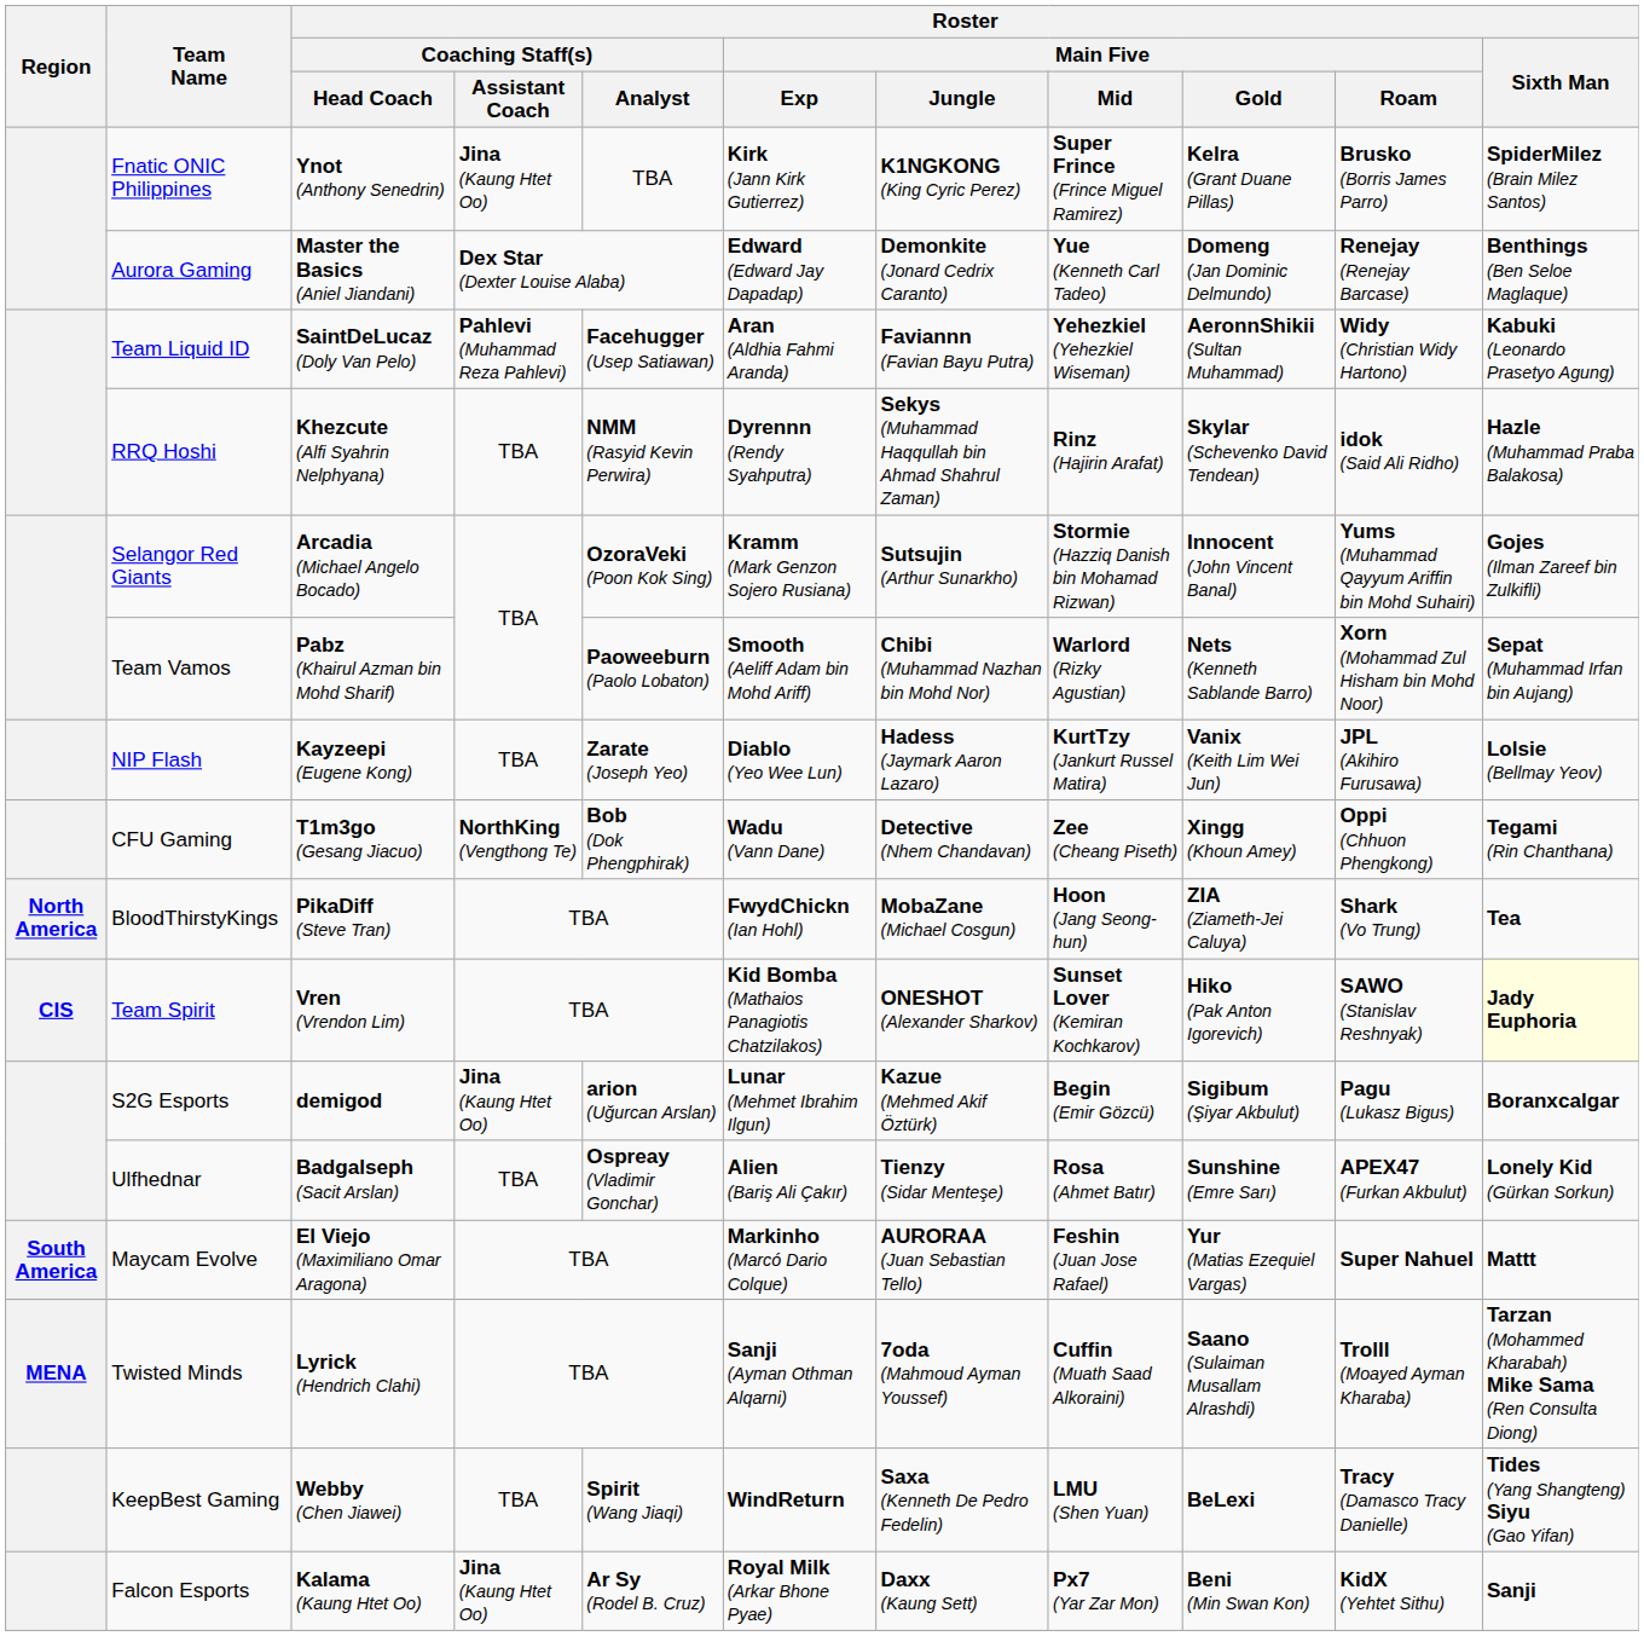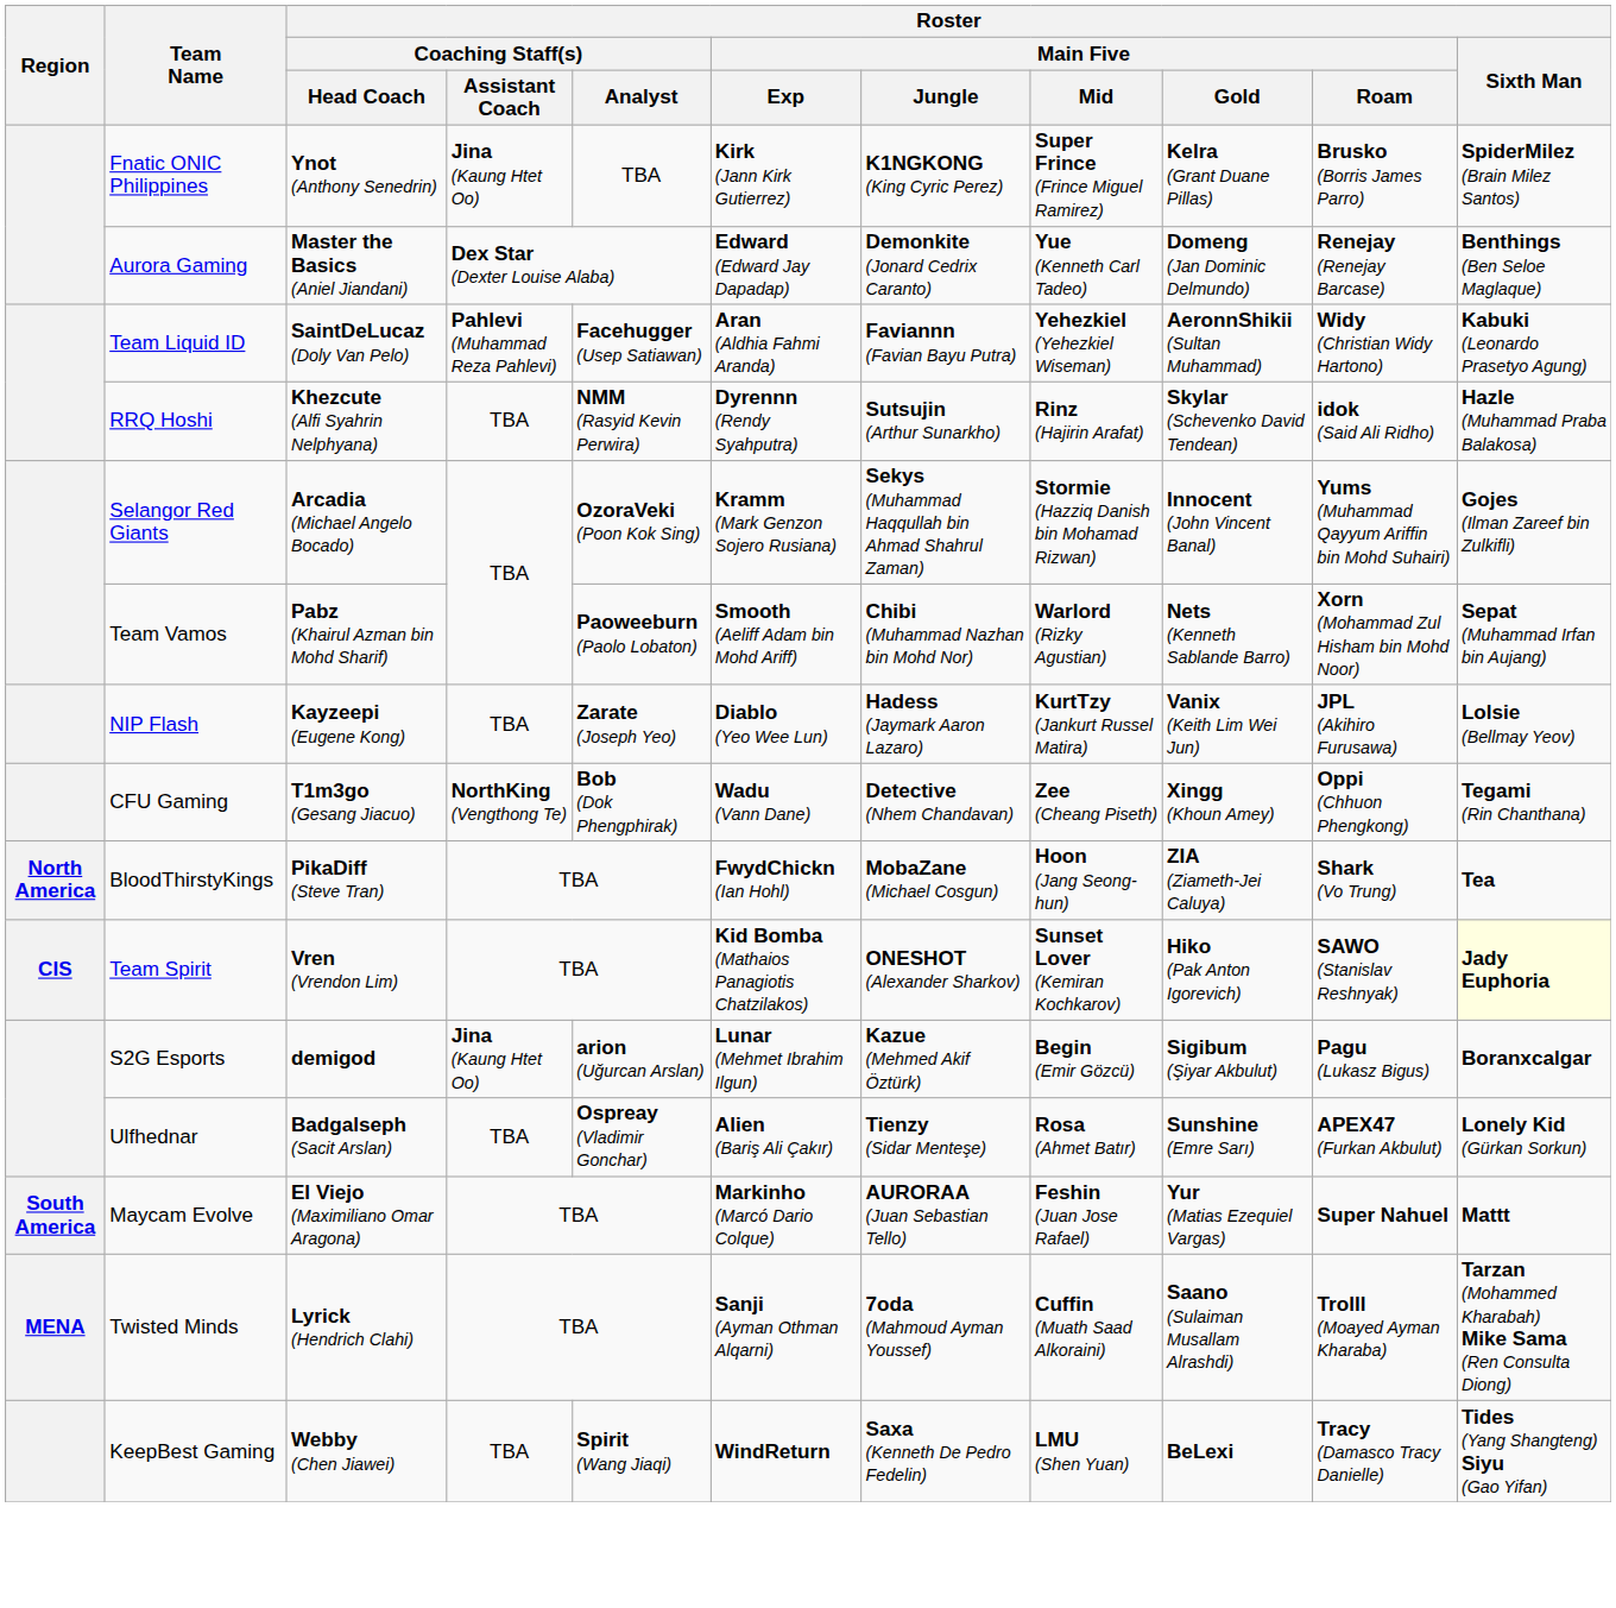 <table class="wikitable" style="margin-left: auto; margin-right: auto; font:90%;">
 <tr>
 <th rowspan="3">Region</th>
 <th rowspan="3">Team<br>Name</th>
 <th colspan="9">Roster</th>
 </tr>
 <tr>
 <th colspan="3">Coaching Staff(s)</th>
 <th colspan="5">Main Five</th>
 <th rowspan="2">Sixth Man</th>
 </tr>
 <tr>
 <th>Head Coach</th>
 <th>Assistant Coach</th>
 <th>Analyst</th>
 <th>Exp</th>
 <th>Jungle</th>
 <th>Mid</th>
 <th>Gold</th>
 <th>Roam</th>
 </tr>
 <tr>
 <th rowspan="2"></th>
 <td><a href='#'>Fnatic ONIC Philippines</a></td>
 <td> <strong>Ynot</strong><br><small><em>(Anthony Senedrin)</em></small></td>
 <td> <strong>Jina</strong><br><small><em>(Kaung Htet Oo)</em></small></td>
 <td style="text-align:center;">TBA</td>
 <td> <strong>Kirk</strong><br><small><em>(Jann Kirk Gutierrez)</em></small></td>
 <td> <strong>K1NGKONG</strong><br><small><em>(King Cyric Perez)</em></small></td>
 <td> <strong>Super Frince</strong><br><small><em>(Frince Miguel Ramirez)</em></small></td>
 <td> <strong>Kelra</strong><br><small><em>(Grant Duane Pillas)</em></small></td>
 <td> <strong>Brusko</strong><br><small><em>(Borris James Parro)</em></small></td>
 <td> <strong>SpiderMilez</strong><br><small><em>(Brain Milez Santos)</em></small></td>
 </tr>
 <tr>
 <td><a href='#'>Aurora Gaming</a></td>
 <td> <strong>Master the Basics</strong><br><small><em>(Aniel Jiandani)</em></small></td>
 <td colspan="2"> <strong>Dex Star</strong><br><small><em>(Dexter Louise Alaba)</em></small></td>
 <td> <strong>Edward</strong><br><small><em>(Edward Jay Dapadap)</em></small></td>
 <td> <strong>Demonkite</strong><br><small><em>(Jonard Cedrix Caranto)</em></small></td>
 <td> <strong>Yue</strong><br><small><em>(Kenneth Carl Tadeo)</em></small></td>
 <td> <strong>Domeng</strong><br><small><em>(Jan Dominic Delmundo)</em></small></td>
 <td> <strong>Renejay</strong><br><small><em>(Renejay Barcase)</em></small></td>
 <td> <strong>Benthings</strong><br><small><em>(Ben Seloe Maglaque)</em></small></td>
 </tr>
 <tr>
 <th rowspan="2"></th>
 <td><a href='#'>Team Liquid ID</a></td>
 <td> <strong>SaintDeLucaz</strong><br><small><em>(Doly Van Pelo)</em></small></td>
 <td> <strong>Pahlevi</strong><br><small><em>(Muhammad Reza Pahlevi)</em></small></td>
 <td> <strong>Facehugger</strong><br><small><em>(Usep Satiawan)</em></small></td>
 <td> <strong>Aran</strong><br><small><em>(Aldhia Fahmi Aranda)</em></small></td>
 <td> <strong>Faviannn</strong><br><small><em>(Favian Bayu Putra)</em></small></td>
 <td> <strong>Yehezkiel</strong><br><small><em>(Yehezkiel Wiseman)</em></small></td>
 <td> <strong>AeronnShikii</strong><br><small><em>(Sultan Muhammad)</em></small></td>
 <td> <strong>Widy</strong><br><small><em>(Christian Widy Hartono)</em></small></td>
 <td> <strong>Kabuki</strong><br><small><em>(Leonardo Prasetyo Agung)</em></small></td>
 </tr>
 <tr>
 <td><a href='#'>RRQ Hoshi</a></td>
 <td> <strong>Khezcute</strong><br><small><em>(Alfi Syahrin Nelphyana)</em></small></td>
 <td style="text-align:center;">TBA</td>
 <td> <strong>NMM</strong><br><small><em>(Rasyid Kevin Perwira)</em></small></td>
 <td> <strong>Dyrennn</strong><br><small><em>(Rendy Syahputra)</em></small></td>
-<td> <strong>Sekys</strong><br><small><em>(Muhammad Haqqullah bin Ahmad Shahrul Zaman)</em></small></td>
+<td> <strong>Sutsujin</strong><br><small><em>(Arthur Sunarkho)</em></small></td>
 <td> <strong>Rinz</strong><br><small><em>(Hajirin Arafat)</em></small></td>
 <td> <strong>Skylar</strong><br><small><em>(Schevenko David Tendean)</em></small></td>
 <td> <strong>idok</strong><br><small><em>(Said Ali Ridho)</em></small></td>
 <td> <strong>Hazle</strong><br><small><em>(Muhammad Praba Balakosa)</em></small></td>
 </tr>
 <tr>
 <th rowspan="2"></th>
 <td><a href='#'>Selangor Red Giants</a></td>
 <td> <strong>Arcadia</strong><br><small><em>(Michael Angelo Bocado)</em></small></td>
 <td rowspan="2" style="text-align:center;">TBA</td>
 <td> <strong>OzoraVeki</strong><br><small><em>(Poon Kok Sing)</em></small></td>
 <td> <strong>Kramm</strong><br><small><em>(Mark Genzon Sojero Rusiana)</em></small></td>
-<td> <strong>Sutsujin</strong><br><small><em>(Arthur Sunarkho)</em></small></td>
+<td> <strong>Sekys</strong><br><small><em>(Muhammad Haqqullah bin Ahmad Shahrul Zaman)</em></small></td>
 <td> <strong>Stormie</strong><br><small><em>(Hazziq Danish bin Mohamad Rizwan)</em></small></td>
 <td> <strong>Innocent</strong><br><small><em>(John Vincent Banal)</em></small></td>
 <td> <strong>Yums</strong><br><small><em>(Muhammad Qayyum Ariffin bin Mohd Suhairi)</em></small></td>
 <td> <strong>Gojes</strong><br><small><em>(Ilman Zareef bin Zulkifli)</em></small></td>
 </tr>
 <tr>
 <td>Team Vamos</td>
 <td> <strong>Pabz</strong><br><small><em>(Khairul Azman bin Mohd Sharif)</em></small></td>
 <td> <strong>Paoweeburn</strong><br><small><em>(Paolo Lobaton)</em></small></td>
 <td> <strong>Smooth</strong><br><small><em>(Aeliff Adam bin Mohd Ariff)</em></small></td>
 <td> <strong>Chibi</strong><br><small><em>(Muhammad Nazhan bin Mohd Nor)</em></small></td>
 <td> <strong>Warlord</strong><br><small><em>(Rizky Agustian)</em></small></td>
 <td> <strong>Nets</strong><br><small><em>(Kenneth Sablande Barro)</em></small></td>
 <td> <strong>Xorn</strong><br><small><em>(Mohammad Zul Hisham bin Mohd Noor)</em></small></td>
 <td> <strong>Sepat</strong><br><small><em>(Muhammad Irfan bin Aujang)</em></small></td>
 </tr>
 <tr>
 <th></th>
 <td><a href='#'>NIP Flash</a></td>
 <td> <strong>Kayzeepi</strong><br><small><em>(Eugene Kong)</em></small></td>
 <td style="text-align:center;">TBA</td>
 <td> <strong>Zarate</strong><br><small><em>(Joseph Yeo)</em></small></td>
 <td> <strong>Diablo</strong><br><small><em>(Yeo Wee Lun)</em></small></td>
 <td> <strong>Hadess</strong><br><small><em>(Jaymark Aaron Lazaro)</em></small></td>
 <td> <strong>KurtTzy</strong><br><small><em>(Jankurt Russel Matira)</em></small></td>
 <td> <strong>Vanix</strong><br><small><em>(Keith Lim Wei Jun)</em></small></td>
 <td> <strong>JPL</strong><br><small><em>(Akihiro Furusawa)</em></small></td>
 <td> <strong>Lolsie</strong><br><small><em>(Bellmay Yeov)</em></small></td>
 </tr>
 <tr>
 <th></th>
 <td>CFU Gaming</td>
 <td> <strong>T1m3go</strong><br><small><em>(Gesang Jiacuo)</em></small></td>
 <td> <strong>NorthKing</strong><br><small><em>(Vengthong Te)</em></small></td>
 <td> <strong>Bob</strong><br><small><em>(Dok Phengphirak)</em></small></td>
 <td> <strong>Wadu</strong><br><small><em>(Vann Dane)</em></small></td>
 <td> <strong>Detective</strong><br><small><em>(Nhem Chandavan)</em></small></td>
 <td> <strong>Zee</strong><br><small><em>(Cheang Piseth)</em></small></td>
 <td> <strong>Xingg</strong><br><small><em>(Khoun Amey)</em></small></td>
 <td> <strong>Oppi</strong><br><small><em>(Chhuon Phengkong)</em></small></td>
 <td> <strong>Tegami</strong><br><small><em>(Rin Chanthana)</em></small></td>
 </tr>
 <tr>
 <th><a href='#'>North America</a></th>
 <td> BloodThirstyKings</td>
 <td> <strong>PikaDiff</strong><br><small><em>(Steve Tran)</em></small></td>
 <td colspan="2" style="text-align:center;">TBA</td>
 <td> <strong>FwydChickn</strong><br><small><em>(Ian Hohl)</em></small></td>
 <td> <strong>MobaZane</strong><br><small><em>(Michael Cosgun)</em></small></td>
 <td> <strong>Hoon</strong><br><small><em>(Jang Seong-hun)</em></small></td>
 <td> <strong>ZIA</strong><br><small><em>(Ziameth-Jei Caluya)</em></small></td>
 <td> <strong>Shark</strong><br><small><em>(Vo Trung)</em></small></td>
 <td> <strong>Tea</strong></td>
 </tr>
 <tr>
 <th> <a href='#'>CIS</a></th>
 <td><a href='#'>Team Spirit</a></td>
 <td> <strong>Vren</strong><br><small><em>(Vrendon Lim)</em></small></td>
 <td colspan="2" style="text-align:center;">TBA</td>
 <td> <strong>Kid Bomba</strong><br><small><em>(Mathaios Panagiotis Chatzilakos)</em></small></td>
 <td> <strong>ONESHOT</strong><br><small><em>(Alexander Sharkov)</em></small></td>
 <td> <strong>Sunset Lover</strong><br><small><em>(Kemiran Kochkarov)</em></small></td>
 <td> <strong>Hiko</strong><br><small><em>(Pak Anton Igorevich)</em></small></td>
 <td> <strong>SAWO</strong><br><small><em>(Stanislav Reshnyak)</em></small></td>
 <td style="background: lightyellow;"> <strong>Jady</strong><br> <strong>Euphoria</strong></td>
 </tr>
 <tr>
 <th rowspan="2"></th>
 <td>S2G Esports</td>
 <td> <strong>demigod</strong></td>
 <td> <strong>Jina</strong><br><small><em>(Kaung Htet Oo)</em></small></td>
 <td> <strong>arion</strong><br><small><em>(Uğurcan Arslan)</em></small></td>
 <td> <strong>Lunar</strong><br><small><em>(Mehmet Ibrahim Ilgun)</em></small></td>
 <td> <strong>Kazue</strong><br><small><em>(Mehmed Akif Öztürk)</em></small></td>
 <td> <strong>Begin</strong><br><small><em>(Emir Gözcü)</em></small></td>
 <td> <strong>Sigibum</strong><br><small><em>(Şiyar Akbulut)</em></small></td>
 <td> <strong>Pagu</strong><br><small><em>(Lukasz Bigus)</em></small></td>
 <td> <strong>Boranxcalgar</strong></td>
 </tr>
 <tr>
 <td>Ulfhednar</td>
 <td> <strong>Badgalseph</strong><br><small><em>(Sacit Arslan)</em></small></td>
 <td style="text-align:center;">TBA</td>
 <td> <strong>Ospreay</strong><br><small><em>(Vladimir Gonchar)</em></small></td>
 <td> <strong>Alien</strong><br><small><em>(Bariş Ali Çakır)</em></small></td>
 <td> <strong>Tienzy</strong><br><small><em>(Sidar Menteşe)</em></small></td>
 <td> <strong>Rosa</strong><br><small><em>(Ahmet Batır)</em></small></td>
 <td> <strong>Sunshine</strong><br><small><em>(Emre Sarı)</em></small></td>
 <td> <strong>APEX47</strong><br><small><em>(Furkan Akbulut)</em></small></td>
 <td> <strong>Lonely Kid</strong><br><small><em>(Gürkan Sorkun)</em></small></td>
 </tr>
 <tr>
 <th><a href='#'>South America</a></th>
 <td> Maycam Evolve</td>
 <td> <strong>El Viejo</strong><br><small><em>(Maximiliano Omar Aragona)</em></small></td>
 <td colspan="2" style="text-align:center;">TBA</td>
 <td> <strong>Markinho</strong><br><small><em>(Marcó Dario Colque)</em></small></td>
 <td> <strong>AURORAA</strong><br><small><em>(Juan Sebastian Tello)</em></small></td>
 <td> <strong>Feshin</strong><br><small><em>(Juan Jose Rafael)</em></small></td>
 <td> <strong>Yur</strong><br><small><em>(Matias Ezequiel Vargas)</em></small></td>
 <td> <strong>Super Nahuel</strong></td>
 <td> <strong>Mattt</strong></td>
 </tr>
 <tr>
 <th><a href='#'>MENA</a></th>
 <td> Twisted Minds</td>
 <td> <strong>Lyrick</strong><br><small><em>(Hendrich Clahi)</em></small></td>
 <td colspan="2" style="text-align:center;">TBA</td>
 <td> <strong>Sanji</strong><br><small><em>(Ayman Othman Alqarni)</em></small></td>
 <td> <strong>7oda</strong><br><small><em>(Mahmoud Ayman Youssef)</em></small></td>
 <td> <strong>Cuffin</strong><br><small><em>(Muath Saad Alkoraini)</em></small></td>
 <td> <strong>Saano</strong><br><small><em>(Sulaiman Musallam Alrashdi)</em></small></td>
 <td> <strong>Trolll</strong><br><small><em>(Moayed Ayman Kharaba)</em></small></td>
 <td> <strong>Tarzan</strong><br><small><em>(Mohammed Kharabah)</em></small><br> <strong>Mike Sama</strong><br><small><em>(Ren Consulta Diong)</em></small></td>
 </tr>
 <tr>
 <th></th>
 <td>KeepBest Gaming</td>
 <td> <strong>Webby</strong><br><small><em>(Chen Jiawei)</em></small></td>
 <td style="text-align:center;">TBA</td>
 <td> <strong>Spirit</strong><br><small><em>(Wang Jiaqi)</em></small></td>
 <td> <strong>WindReturn</strong></td>
 <td> <strong>Saxa</strong><br><small><em>(Kenneth De Pedro Fedelin)</em></small></td>
 <td> <strong>LMU</strong><br><small><em>(Shen Yuan)</em></small></td>
 <td> <strong>BeLexi</strong></td>
 <td> <strong>Tracy</strong><br><small><em>(Damasco Tracy Danielle)</em></small></td>
 <td> <strong>Tides</strong><br><small><em>(Yang Shangteng)</em></small><br> <strong>Siyu</strong><br><small><em>(Gao Yifan)</em></small></td>
 </tr>
-<tr>
-<th></th>
-<td>Falcon Esports</td>
-<td> <strong>Kalama</strong><br><small><em>(Kaung Htet Oo)</em></small></td>
-<td> <strong>Jina</strong><br><small><em>(Kaung Htet Oo)</em></small></td>
-<td> <strong>Ar Sy</strong><br><small><em>(Rodel B. Cruz)</em></small></td>
-<td> <strong>Royal Milk</strong><br><small><em>(Arkar Bhone Pyae)</em></small></td>
-<td> <strong>Daxx</strong><br><small><em>(Kaung Sett)</em></small></td>
-<td> <strong>Px7</strong><br><small><em>(Yar Zar Mon)</em></small></td>
-<td> <strong>Beni</strong><br><small><em>(Min Swan Kon)</em></small></td>
-<td> <strong>KidX</strong><br><small><em>(Yehtet Sithu)</em></small></td>
-<td> <strong>Sanji</strong></td>
-</tr>
 </table>
